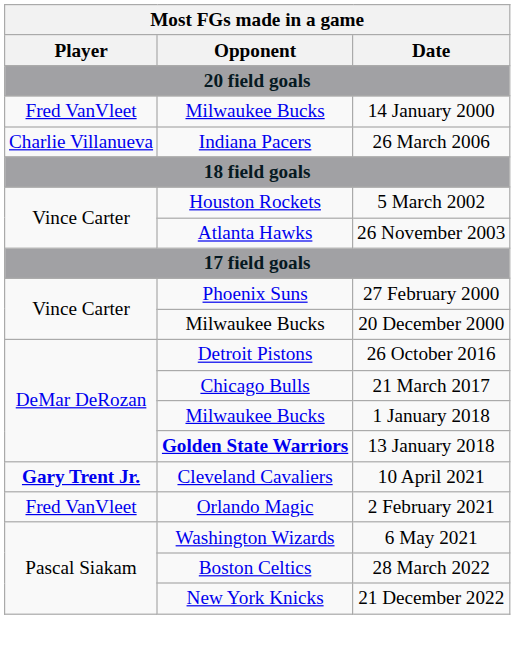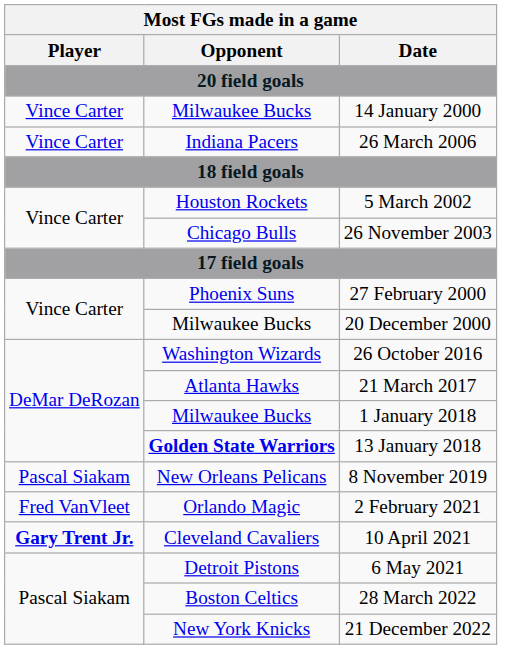 <table class="wikitable" style="text-align:center">
 <tr>
 <th colspan="3">Most FGs made in a game</th>
 </tr>
 <tr>
 <th>Player</th>
 <th>Opponent</th>
 <th>Date</th>
 </tr>
 <tr>
 <th colspan="3" style="text-align:center; background:#A1A1A4; color:#061922;">20 field goals</th>
 </tr>
 <tr>
-<td><a href='#'>Fred VanVleet</a></td>
+<td><a href='#'>Vince Carter</a></td>
 <td><a href='#'>Milwaukee Bucks</a></td>
 <td>14 January 2000</td>
 </tr>
 <tr>
-<td><a href='#'>Charlie Villanueva</a></td>
+<td><a href='#'>Vince Carter</a></td>
 <td><a href='#'>Indiana Pacers</a></td>
 <td>26 March 2006</td>
 </tr>
 <tr>
 <th colspan="3" style="text-align:center; background:#A1A1A4; color:#061922;">18 field goals</th>
 </tr>
 <tr>
 <td rowspan=2>Vince Carter</td>
 <td><a href='#'>Houston Rockets</a></td>
 <td>5 March 2002</td>
 </tr>
 <tr>
-<td><a href='#'>Atlanta Hawks</a></td>
+<td><a href='#'>Chicago Bulls</a></td>
 <td>26 November 2003</td>
 </tr>
 <tr>
 <th colspan="3" style="text-align:center; background:#A1A1A4; color:#061922;">17 field goals</th>
 </tr>
 <tr>
 <td rowspan=2>Vince Carter</td>
 <td><a href='#'>Phoenix Suns</a></td>
 <td>27 February 2000</td>
 </tr>
 <tr>
 <td>Milwaukee Bucks</td>
 <td>20 December 2000</td>
 </tr>
 <tr>
 <td rowspan=4><a href='#'>DeMar DeRozan</a></td>
-<td><a href='#'>Detroit Pistons</a></td>
+<td><a href='#'>Washington Wizards</a></td>
 <td>26 October 2016</td>
 </tr>
 <tr>
-<td><a href='#'>Chicago Bulls</a></td>
+<td><a href='#'>Atlanta Hawks</a></td>
 <td>21 March 2017</td>
 </tr>
 <tr>
 <td><a href='#'>Milwaukee Bucks</a></td>
 <td>1 January 2018</td>
 </tr>
 <tr>
 <td><strong><a href='#'>Golden State Warriors</a></strong></td>
 <td>13 January 2018</td>
 </tr>
 <tr>
-<td><strong><a href='#'>Gary Trent Jr.</a></strong></td>
-<td><a href='#'>Cleveland Cavaliers</a></td>
-<td>10 April 2021</td>
+<td><a href='#'>Pascal Siakam</a></td>
+<td><a href='#'>New Orleans Pelicans</a></td>
+<td>8 November 2019</td>
 </tr>
 <tr>
 <td><a href='#'>Fred VanVleet</a></td>
 <td><a href='#'>Orlando Magic</a></td>
 <td>2 February 2021</td>
 </tr>
 <tr>
+<td><strong><a href='#'>Gary Trent Jr.</a></strong></td>
+<td><a href='#'>Cleveland Cavaliers</a></td>
+<td>10 April 2021</td>
+</tr>
+<tr>
 <td rowspan=3>Pascal Siakam</td>
-<td><a href='#'>Washington Wizards</a></td>
+<td><a href='#'>Detroit Pistons</a></td>
 <td>6 May 2021</td>
 </tr>
 <tr>
 <td><a href='#'>Boston Celtics</a></td>
 <td>28 March 2022</td>
 </tr>
 <tr>
 <td><a href='#'>New York Knicks</a></td>
 <td>21 December 2022</td>
 </tr>
 </table>
